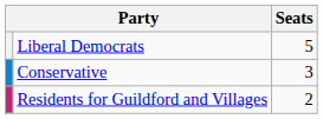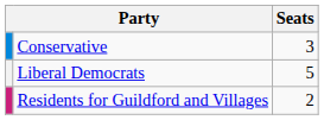 <table class="wikitable">
 <tr>
 <th colspan=2>Party</th>
 <th>Seats</th>
+</tr>
+<tr>
+<th style="background-color: #0087DC"></th>
+<td><a href='#'>Conservative</a></td>
+<td align=right>3</td>
 </tr>
 <tr>
 <th style="background-color: "></th>
 <td><a href='#'>Liberal Democrats</a></td>
 <td align=right>5</td>
 </tr>
 <tr>
-<th style="background-color: #0087DC"></th>
-<td><a href='#'>Conservative</a></td>
-<td align=right>3</td>
-</tr>
-<tr>
 <th style="background-color: #ca1f7b"></th>
 <td><a href='#'>Residents for Guildford and Villages</a></td>
 <td align=right>2</td>
 </tr>
 </table>
